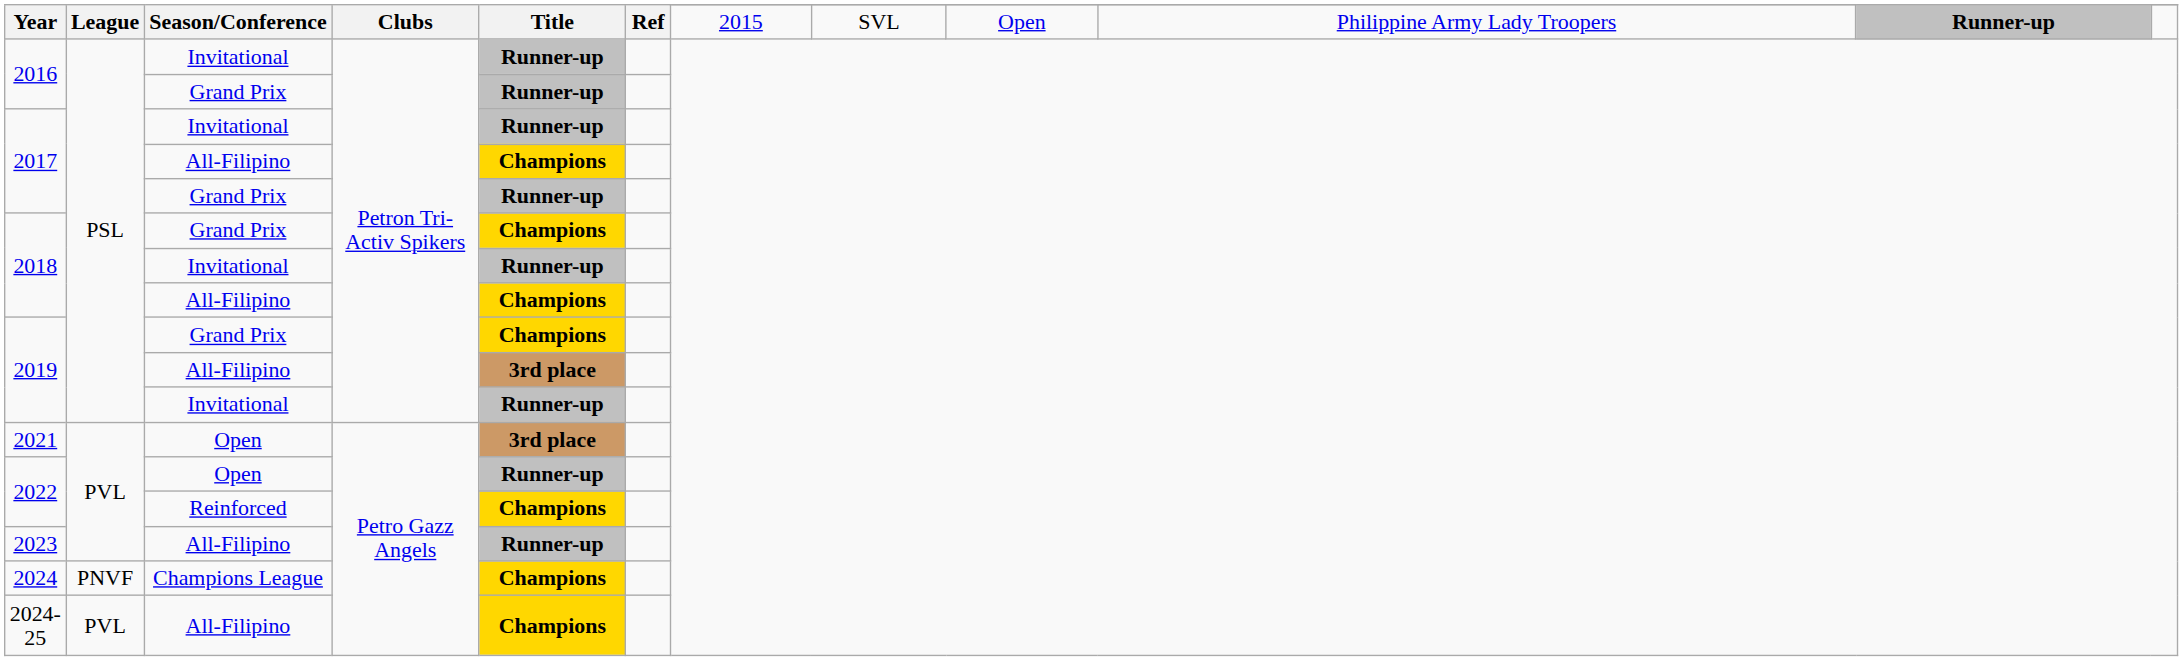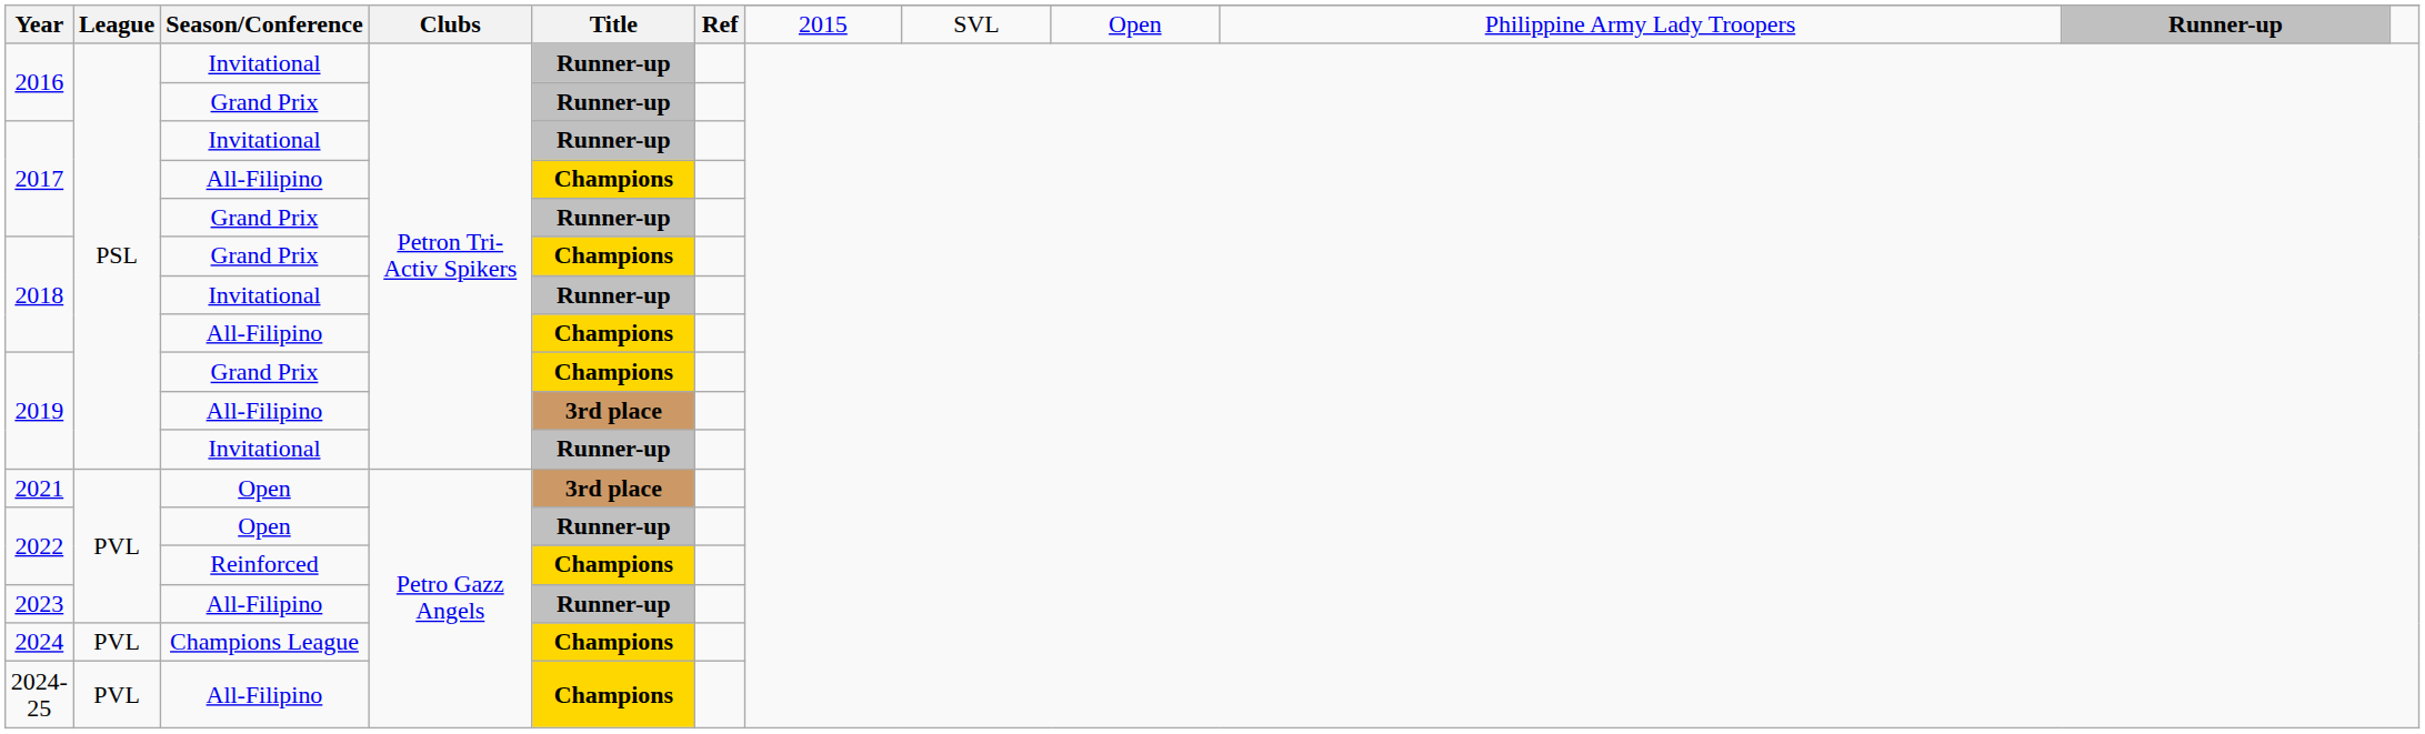 <table class="wikitable sortable" style="text-align:center" width="80%">
 <tr>
 <th style="width:10px;" rowspan="2">Year</th>
 <th style="width:25px;" rowspan="2">League</th>
 <th style="width:100px;" rowspan="2">Season/Conference</th>
 <th style="width:100px;" rowspan="2">Clubs</th>
 <th style="width:100px;" rowspan="2">Title</th>
 <th style="width:25px;" rowspan="2">Ref</th>
 </tr>
 <tr>
 <td><a href='#'>2015</a></td>
 <td>SVL</td>
 <td><a href='#'>Open</a></td>
 <td><a href='#'>Philippine Army Lady Troopers</a></td>
 <td style="background:silver;"><strong>Runner-up</strong></td>
 <td></td>
 </tr>
 <tr>
 <td rowspan="2"><a href='#'>2016</a></td>
 <td rowspan=11>PSL</td>
 <td><a href='#'>Invitational</a></td>
 <td rowspan=11><a href='#'>Petron Tri-Activ Spikers</a></td>
 <td style="background:silver;"><strong>Runner-up</strong></td>
 <td></td>
 </tr>
 <tr align=center>
 <td><a href='#'>Grand Prix</a></td>
 <td style="background:silver;"><strong>Runner-up</strong></td>
 <td></td>
 </tr>
 <tr align=center>
 <td rowspan="3"><a href='#'>2017</a></td>
 <td><a href='#'>Invitational</a></td>
 <td style="background:silver;"><strong>Runner-up</strong></td>
 <td></td>
 </tr>
 <tr align=center>
 <td><a href='#'>All-Filipino</a></td>
 <td style="background:gold;"><strong>Champions</strong></td>
 <td></td>
 </tr>
 <tr align=center>
 <td><a href='#'>Grand Prix</a></td>
 <td style="background:silver;"><strong>Runner-up</strong></td>
 <td></td>
 </tr>
 <tr align=center>
 <td rowspan="3"><a href='#'>2018</a></td>
 <td><a href='#'>Grand Prix</a></td>
 <td style="background:gold;"><strong>Champions</strong></td>
 <td></td>
 </tr>
 <tr align=center>
 <td><a href='#'>Invitational</a></td>
 <td style="background:silver;"><strong>Runner-up</strong></td>
 <td></td>
 </tr>
 <tr align=center>
 <td><a href='#'>All-Filipino</a></td>
 <td style="background:gold;"><strong>Champions</strong></td>
 <td></td>
 </tr>
 <tr align=center>
 <td rowspan="3"><a href='#'>2019</a></td>
 <td><a href='#'>Grand Prix</a></td>
 <td style="background:gold;"><strong>Champions</strong></td>
 <td></td>
 </tr>
 <tr align=center>
 <td><a href='#'>All-Filipino</a></td>
 <td style="background:#c96;"><strong>3rd place</strong></td>
 <td></td>
 </tr>
 <tr align=center>
 <td><a href='#'>Invitational</a></td>
 <td style="background:silver;"><strong>Runner-up</strong></td>
 <td></td>
 </tr>
 <tr>
 <td><a href='#'>2021</a></td>
 <td rowspan=4>PVL</td>
 <td><a href='#'>Open</a></td>
 <td rowspan=6><a href='#'>Petro Gazz Angels</a></td>
 <td style="background:#CC9966;"><strong>3rd place</strong></td>
 <td></td>
 </tr>
 <tr>
 <td rowspan="2"><a href='#'>2022</a></td>
 <td><a href='#'>Open</a></td>
 <td style="background:silver;"><strong>Runner-up</strong></td>
 <td></td>
 </tr>
 <tr>
 <td><a href='#'>Reinforced</a></td>
 <td style="background:gold"><strong>Champions</strong></td>
 <td></td>
 </tr>
 <tr align=center>
 <td rowspan=1><a href='#'>2023</a></td>
 <td><a href='#'>All-Filipino</a></td>
 <td style="background:silver;"><strong>Runner-up</strong></td>
 <td></td>
 </tr>
 <tr align=center>
 <td><a href='#'>2024</a></td>
-<td>PNVF</td>
+<td>PVL</td>
 <td><a href='#'>Champions League</a></td>
 <td style="background:gold"><strong>Champions</strong></td>
 <td></td>
 </tr>
 <tr>
 <td>2024-25</td>
 <td>PVL</td>
 <td><a href='#'>All-Filipino</a></td>
 <td style="background:gold;"><strong>Champions</strong></td>
 <td></td>
 </tr>
 </table>
